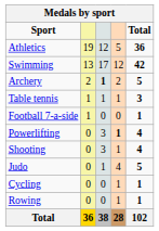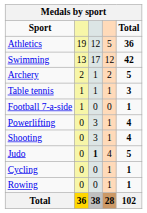 <table class=wikitable style="font-size:90%; float:right">
 <tr bgcolor=efefef>
 <th colspan=5>Medals by sport</th>
 </tr>
 <tr style="text-align:center">
 <td><strong>Sport</strong></td>
 <td bgcolor=#f7f6a8></td>
 <td bgcolor=#dce5e5></td>
 <td bgcolor=#ffdab9></td>
 <td><strong>Total</strong></td>
 </tr>
 <tr style="text-align:center">
 <td align=left><a href='#'>Athletics</a></td>
 <td bgcolor=F7F6A8>19</td>
 <td bgcolor=DCE5E5>12</td>
 <td bgcolor=FFDAB9>5</td>
 <td><strong>36</strong></td>
 </tr>
 <tr style="text-align:center">
 <td align=left><a href='#'>Swimming</a></td>
 <td bgcolor=F7F6A8>13</td>
 <td bgcolor=DCE5E5>17</td>
 <td bgcolor=FFDAB9>12</td>
 <td><strong>42</strong></td>
 </tr>
 <tr style="text-align:center">
 <td align=left><a href='#'>Archery</a></td>
 <td bgcolor=F7F6A8>2</td>
-<td bgcolor=DCE5E5><strong>1</strong></td>
+<td bgcolor=DCE5E5>1</td>
 <td bgcolor=FFDAB9>2</td>
 <td><strong>5</strong></td>
 </tr>
 <tr style="text-align:center">
 <td align=left><a href='#'>Table tennis</a></td>
 <td bgcolor=F7F6A8>1</td>
 <td bgcolor=DCE5E5>1</td>
 <td bgcolor=FFDAB9>1</td>
 <td><strong>3</strong></td>
 </tr>
 <tr style="text-align:center">
 <td align=left><a href='#'>Football 7-a-side</a></td>
 <td bgcolor=F7F6A8>1</td>
 <td bgcolor=DCE5E5>0</td>
 <td bgcolor=FFDAB9>0</td>
 <td><strong>1</strong></td>
 </tr>
 <tr style="text-align:center">
 <td align=left><a href='#'>Powerlifting</a></td>
 <td bgcolor=F7F6A8>0</td>
 <td bgcolor=DCE5E5>3</td>
-<td bgcolor=FFDAB9><strong>1</strong></td>
+<td bgcolor=FFDAB9>1</td>
 <td><strong>4</strong></td>
 </tr>
 <tr style="text-align:center">
 <td align=left><a href='#'>Shooting</a></td>
 <td bgcolor=F7F6A8>0</td>
 <td bgcolor=DCE5E5>3</td>
 <td bgcolor=FFDAB9>1</td>
 <td><strong>4</strong></td>
 </tr>
 <tr style="text-align:center">
 <td align=left><a href='#'>Judo</a></td>
 <td bgcolor=F7F6A8>0</td>
-<td bgcolor=DCE5E5>1</td>
+<td bgcolor=DCE5E5><strong>1</strong></td>
 <td bgcolor=FFDAB9>4</td>
 <td><strong>5</strong></td>
 </tr>
 <tr style="text-align:center">
 <td align=left><a href='#'>Cycling</a></td>
 <td bgcolor=F7F6A8>0</td>
 <td bgcolor=DCE5E5>0</td>
 <td bgcolor=FFDAB9>1</td>
 <td><strong>1</strong></td>
 </tr>
 <tr style="text-align:center">
 <td align=left><a href='#'>Rowing</a></td>
 <td bgcolor=F7F6A8>0</td>
 <td bgcolor=DCE5E5>0</td>
 <td bgcolor=FFDAB9>1</td>
 <td><strong>1</strong></td>
 </tr>
 <tr style="text-align:center">
 <th>Total</th>
 <th style="background:gold">36</th>
 <th style="background:silver">38</th>
 <th style="background:#c96">28</th>
 <th>102</th>
 </tr>
 </table>
